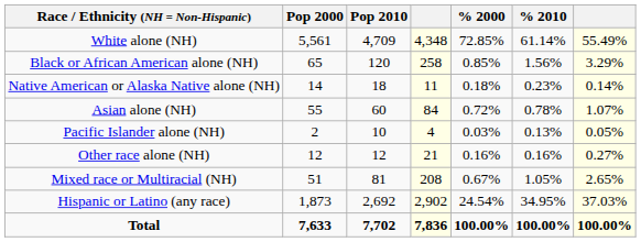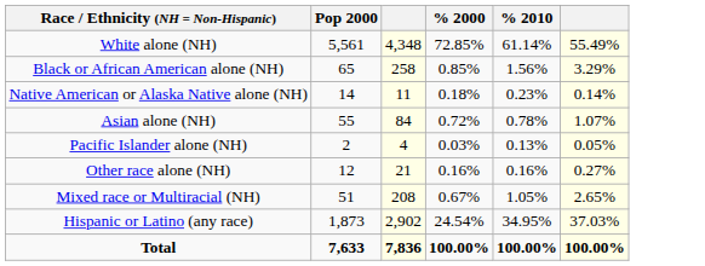 <table class="wikitable" style="text-align:center;">
 <tr>
 <th>Race / Ethnicity <small>(<em>NH = Non-Hispanic</em>)</small></th>
 <th>Pop 2000</th>
-<th>Pop 2010</th>
 <th></th>
 <th>% 2000</th>
 <th>% 2010</th>
 <th></th>
 </tr>
 <tr>
 <td><a href='#'>White</a> alone (NH)</td>
 <td>5,561</td>
-<td>4,709</td>
 <td style='background: #ffffe6;'>4,348</td>
 <td>72.85%</td>
 <td>61.14%</td>
 <td style='background: #ffffe6;'>55.49%</td>
 </tr>
 <tr>
 <td><a href='#'>Black or African American</a> alone (NH)</td>
 <td>65</td>
-<td>120</td>
 <td style='background: #ffffe6;'>258</td>
 <td>0.85%</td>
 <td>1.56%</td>
 <td style='background: #ffffe6;'>3.29%</td>
 </tr>
 <tr>
 <td><a href='#'>Native American</a> or <a href='#'>Alaska Native</a> alone (NH)</td>
 <td>14</td>
-<td>18</td>
 <td style='background: #ffffe6;'>11</td>
 <td>0.18%</td>
 <td>0.23%</td>
 <td style='background: #ffffe6;'>0.14%</td>
 </tr>
 <tr>
 <td><a href='#'>Asian</a> alone (NH)</td>
 <td>55</td>
-<td>60</td>
 <td style='background: #ffffe6;'>84</td>
 <td>0.72%</td>
 <td>0.78%</td>
 <td style='background: #ffffe6;'>1.07%</td>
 </tr>
 <tr>
 <td><a href='#'>Pacific Islander</a> alone (NH)</td>
 <td>2</td>
-<td>10</td>
 <td style='background: #ffffe6;'>4</td>
 <td>0.03%</td>
 <td>0.13%</td>
 <td style='background: #ffffe6;'>0.05%</td>
 </tr>
 <tr>
 <td><a href='#'>Other race</a> alone (NH)</td>
-<td>12</td>
 <td>12</td>
 <td style='background: #ffffe6;'>21</td>
 <td>0.16%</td>
 <td>0.16%</td>
 <td style='background: #ffffe6;'>0.27%</td>
 </tr>
 <tr>
 <td><a href='#'>Mixed race or Multiracial</a> (NH)</td>
 <td>51</td>
-<td>81</td>
 <td style='background: #ffffe6;'>208</td>
 <td>0.67%</td>
 <td>1.05%</td>
 <td style='background: #ffffe6;'>2.65%</td>
 </tr>
 <tr>
 <td><a href='#'>Hispanic or Latino</a> (any race)</td>
 <td>1,873</td>
-<td>2,692</td>
 <td style='background: #ffffe6;'>2,902</td>
 <td>24.54%</td>
 <td>34.95%</td>
 <td style='background: #ffffe6;'>37.03%</td>
 </tr>
 <tr>
 <td><strong>Total</strong></td>
 <td><strong>7,633</strong></td>
-<td><strong>7,702</strong></td>
 <td style='background: #ffffe6;'><strong>7,836</strong></td>
 <td><strong>100.00%</strong></td>
 <td><strong>100.00%</strong></td>
 <td style='background: #ffffe6;'><strong>100.00%</strong></td>
 </tr>
 </table>
